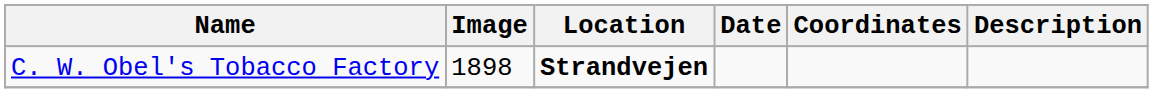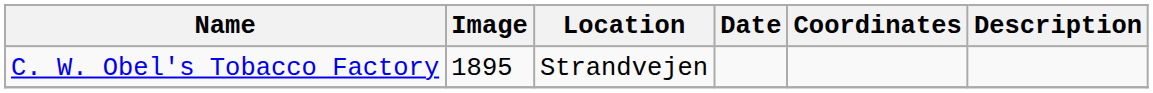 <table class="wikitable sortable">
 <tr>
 <th>Name</th>
 <th>Image</th>
 <th>Location</th>
 <th>Date</th>
 <th>Coordinates</th>
 <th>Description</th>
 </tr>
 <tr>
 <td><a href='#'>C. W. Obel's Tobacco Factory</a></td>
-<td>1898</td>
-<td><strong>Strandvejen</strong></td>
+<td>1895</td>
+<td>Strandvejen</td>
 <td></td>
 <td></td>
 <td></td>
 </tr>
 <tr>
 </tr>
 </table>
